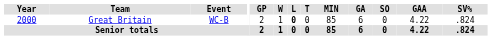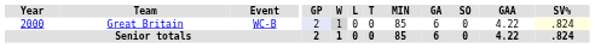 <table border="0" cellpadding="1" cellspacing="0" ID="Table3" style="text-align:center; width:60em">
 <tr ALIGN="center" bgcolor="#e0e0e0">
 <th>Year</th>
 <th>Team</th>
 <th>Event</th>
 <th rowspan="99" bgcolor="#ffffff"></th>
 <th>GP</th>
 <th>W</th>
 <th>L</th>
 <th>T</th>
 <th>MIN</th>
 <th>GA</th>
 <th>SO</th>
 <th>GAA</th>
 <th>SV%</th>
 </tr>
 <tr>
 <td><a href='#'>2000</a></td>
 <td><a href='#'>Great Britain</a></td>
 <td><a href='#'>WC-B</a></td>
-<td>2</td>
-<td>1</td>
-<td><strong>0</strong></td>
+<td style="background: lavender;">2</td>
+<td style="background: lightgrey;">1</td>
+<td>0</td>
 <td>0</td>
 <td>85</td>
 <td>6</td>
 <td>0</td>
 <td>4.22</td>
-<td>.824</td>
+<td style="background: lightyellow;">.824</td>
 </tr>
 <tr bgcolor="#e0e0e0">
 <th colspan=4>Senior totals</th>
 <th>2</th>
 <th>1</th>
 <th>0</th>
 <th>0</th>
 <th>85</th>
 <th>6</th>
 <th>0</th>
 <th>4.22</th>
 <th>.824</th>
 </tr>
 </table>
